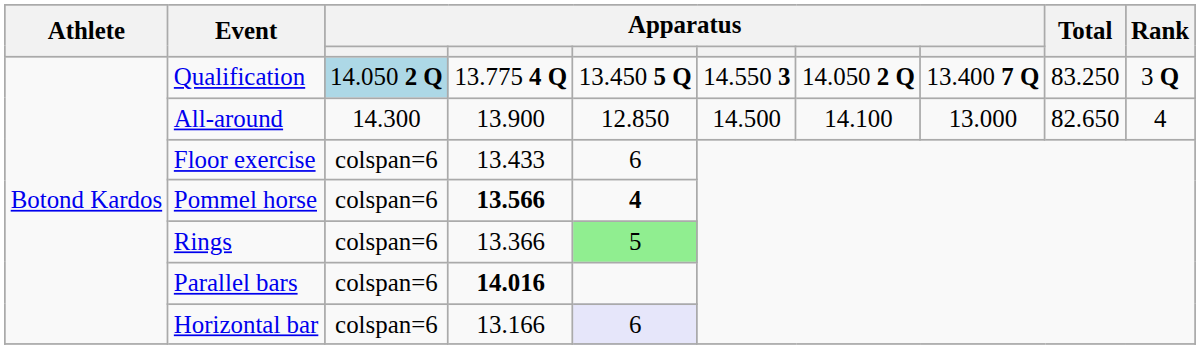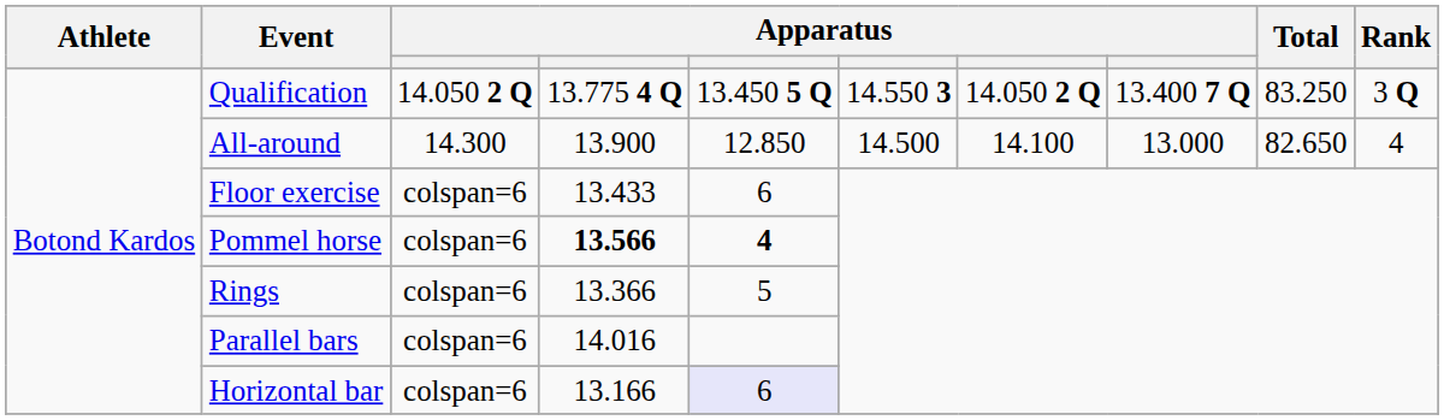 <table class="wikitable" style="font-size:90%">
 <tr>
 <th rowspan=2>Athlete</th>
 <th rowspan=2>Event</th>
 <th colspan =6>Apparatus</th>
 <th rowspan=2>Total</th>
 <th rowspan=2>Rank</th>
 </tr>
 <tr style="font-size:95%">
 <th></th>
 <th></th>
 <th></th>
 <th></th>
 <th></th>
 <th></th>
 </tr>
 <tr align=center>
 <td align=left rowspan=7><a href='#'>Botond Kardos</a></td>
 <td align=left><a href='#'>Qualification</a></td>
-<td style="background: lightblue;">14.050	<strong>2 Q		</strong></td>
+<td>14.050	<strong>2 Q		</strong></td>
 <td>13.775	<strong>4 Q</strong></td>
 <td>13.450	<strong>5 Q</strong></td>
 <td>14.550	<strong>3</strong></td>
 <td>14.050	<strong>2 Q</strong></td>
 <td>13.400	<strong>7 Q</strong></td>
 <td>83.250</td>
 <td>3 <strong>Q</strong></td>
 </tr>
 <tr align=center>
 <td align=left><a href='#'>All-around</a></td>
 <td>14.300</td>
 <td>13.900</td>
 <td>12.850</td>
 <td>14.500</td>
 <td>14.100</td>
 <td>13.000</td>
 <td>82.650</td>
 <td>4</td>
 </tr>
 <tr align=center>
 <td align=left><a href='#'>Floor exercise</a></td>
 <td>colspan=6 </td>
 <td>13.433</td>
 <td>6</td>
 </tr>
 <tr align=center>
 <td align=left><a href='#'>Pommel horse</a></td>
 <td>colspan=6 </td>
 <td><strong>13.566</strong></td>
 <td><strong>4</strong></td>
 </tr>
 <tr align=center>
 <td align=left><a href='#'>Rings</a></td>
 <td>colspan=6 </td>
 <td>13.366</td>
-<td style="background: lightgreen;">5</td>
+<td>5</td>
 </tr>
 <tr align=center>
 <td align=left><a href='#'>Parallel bars</a></td>
 <td>colspan=6 </td>
-<td><strong>14.016</strong></td>
+<td>14.016</td>
 <td></td>
 </tr>
 <tr align=center>
 <td align=left><a href='#'>Horizontal bar</a></td>
 <td>colspan=6 </td>
 <td>13.166</td>
 <td style="background: lavender;">6</td>
 </tr>
 </table>
